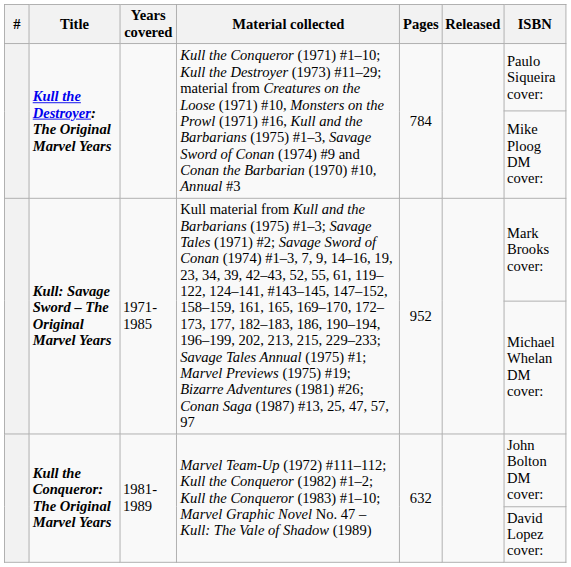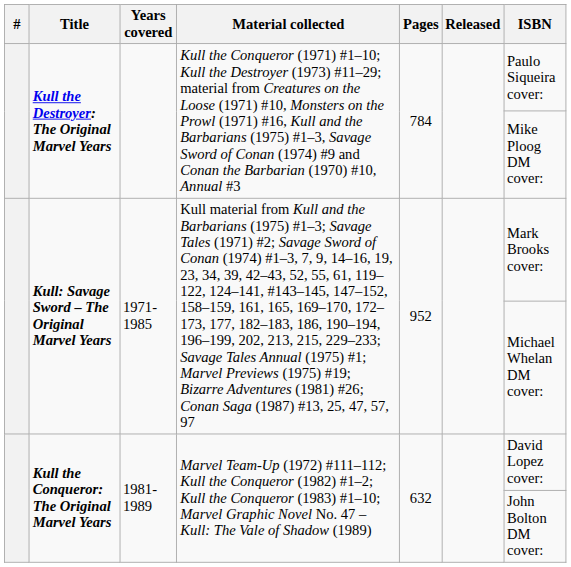 <table class="wikitable sortable" width=99%>
 <tr>
 <th class="unsortable" width=20px>#</th>
 <th>Title</th>
 <th>Years covered</th>
 <th class="unsortable">Material collected</th>
 <th>Pages</th>
 <th>Released</th>
 <th class="unsortable">ISBN</th>
 </tr>
 <tr>
 <th style="background-color: light grey;" rowspan=2></th>
 <td rowspan=2><strong><em><a href='#'>Kull the Destroyer</a>: The Original Marvel Years</em></strong></td>
 <td rowspan=2></td>
 <td rowspan=2><em>Kull the Conqueror</em> (1971) #1–10; <em>Kull the Destroyer</em> (1973) #11–29; material from <em>Creatures on the Loose</em> (1971) #10, <em>Monsters on the Prowl</em> (1971) #16, <em>Kull and the Barbarians</em> (1975) #1–3, <em>Savage Sword of Conan</em> (1974) #9 and <em>Conan the Barbarian</em> (1970) #10, <em>Annual</em> #3</td>
 <td style="text-align: center;" rowspan=2>784</td>
 <td rowspan=2></td>
 <td>Paulo Siqueira cover: </td>
 </tr>
 <tr>
 <td>Mike Ploog DM cover: </td>
 </tr>
 <tr>
 <th style="background-color: light grey;" rowspan=2></th>
 <td rowspan=2><strong><em>Kull: Savage Sword – The Original Marvel Years</em></strong></td>
 <td rowspan=2>1971-1985</td>
 <td rowspan=2>Kull material from <em>Kull and the Barbarians</em> (1975) #1–3; <em>Savage Tales</em> (1971) #2; <em>Savage Sword of Conan</em> (1974) #1–3, 7, 9, 14–16, 19, 23, 34, 39, 42–43, 52, 55, 61, 119–122, 124–141, #143–145, 147–152, 158–159, 161, 165, 169–170, 172–173, 177, 182–183, 186, 190–194, 196–199, 202, 213, 215, 229–233; <em>Savage Tales Annual</em> (1975) #1; <em>Marvel Previews</em> (1975) #19; <em>Bizarre Adventures</em> (1981) #26; <em>Conan Saga</em> (1987) #13, 25, 47, 57, 97</td>
 <td style="text-align: center;" rowspan=2>952</td>
 <td rowspan=2></td>
 <td>Mark Brooks cover: </td>
 </tr>
 <tr>
 <td>Michael Whelan DM cover: </td>
 </tr>
 <tr>
 <th style="background-color: light grey;" rowspan=2></th>
 <td rowspan=2><strong><em>Kull the Conqueror: The Original Marvel Years</em></strong></td>
 <td rowspan=2>1981-1989</td>
 <td rowspan=2><em>Marvel Team-Up</em> (1972) #111–112; <em>Kull the Conqueror</em> (1982) #1–2; <em>Kull the Conqueror</em> (1983) #1–10; <em>Marvel Graphic Novel</em> No. 47 – <em>Kull: The Vale of Shadow</em> (1989)</td>
 <td style="text-align: center;" rowspan=2>632</td>
 <td rowspan=2></td>
+<td>David Lopez cover: </td>
+</tr>
+<tr>
 <td>John Bolton DM cover: </td>
 </tr>
-<tr>
-<td>David Lopez cover: </td>
-</tr>
 </table>
